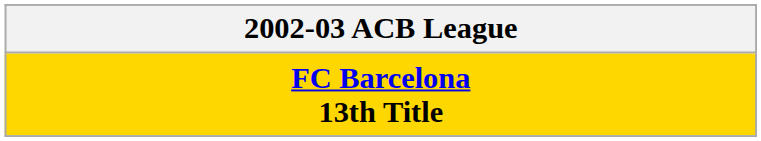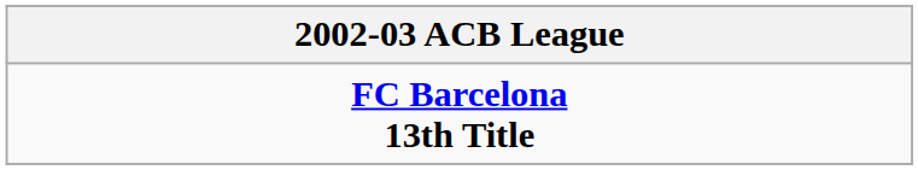 <table class="wikitable" style="margin: 0 auto; width: 20%;">
 <tr>
 <th>2002-03 ACB League</th>
 </tr>
 <tr>
-<td align=center style="background: gold;"><strong><a href='#'>FC Barcelona</a></strong><br><strong>13th Title</strong></td>
+<td align=center><strong><a href='#'>FC Barcelona</a></strong><br><strong>13th Title</strong></td>
 </tr>
 </table>
